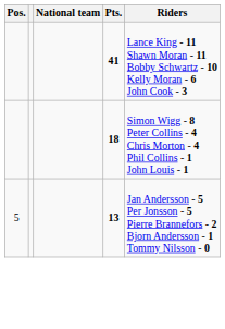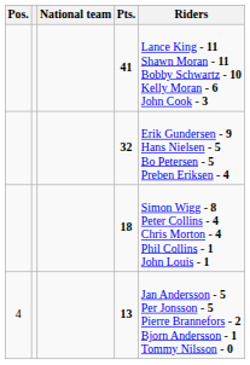 <table class=wikitable style="font-size:93%;">
 <tr>
 <th>Pos.</th>
 <th></th>
 <th>National team</th>
 <th>Pts.</th>
 <th>Riders</th>
 </tr>
 <tr align=center >
 <td></td>
 <td></td>
 <td align=left></td>
 <td><strong>41</strong></td>
 <td align=left><br><a href='#'>Lance King</a> - <strong>11</strong> <br> <a href='#'>Shawn Moran</a> - <strong>11</strong> <br> <a href='#'>Bobby Schwartz</a> - <strong>10</strong> <br> <a href='#'>Kelly Moran</a> - <strong>6</strong> <br> <a href='#'>John Cook</a> - <strong>3</strong> <br></td>
 </tr>
 <tr align=center >
 <td></td>
 <td></td>
 <td align=left></td>
+<td><strong>32</strong></td>
+<td align=left><br><a href='#'>Erik Gundersen</a> - <strong>9</strong> <br> <a href='#'>Hans Nielsen</a> - <strong>5</strong> <br> <a href='#'>Bo Petersen</a> - <strong>5</strong> <br> <a href='#'>Preben Eriksen</a> - <strong>4</strong> <br></td>
+</tr>
+<tr align=center >
+<td></td>
+<td></td>
+<td align=left></td>
 <td><strong>18</strong></td>
 <td align=left><br><a href='#'>Simon Wigg</a> - <strong>8</strong> <br> <a href='#'>Peter Collins</a> - <strong>4</strong> <br> <a href='#'>Chris Morton</a> - <strong>4</strong> <br> <a href='#'>Phil Collins</a> - <strong>1</strong> <br> <a href='#'>John Louis</a> - <strong>1</strong></td>
 </tr>
 <tr align=center>
-<td>5</td>
+<td>4</td>
 <td></td>
 <td align=left></td>
 <td><strong>13</strong></td>
 <td align=left><br><a href='#'>Jan Andersson</a> - <strong>5</strong> <br> <a href='#'>Per Jonsson</a> - <strong>5</strong> <br> <a href='#'>Pierre Brannefors</a> - <strong>2</strong> <br> <a href='#'>Bjorn Andersson</a> - <strong>1</strong> <br> <a href='#'>Tommy Nilsson</a> - <strong>0</strong> <br></td>
 </tr>
 </table>
